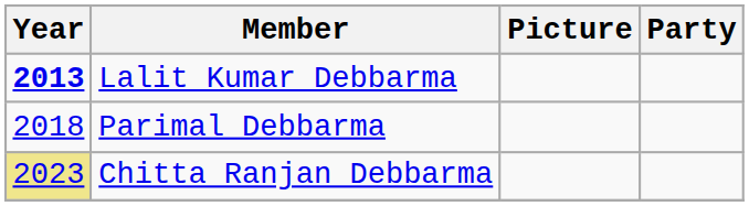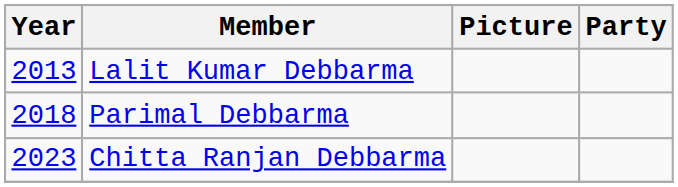 <table class="wikitable sortable">
 <tr>
 <th>Year</th>
 <th>Member</th>
 <th>Picture</th>
 <th colspan="2">Party</th>
 </tr>
 <tr>
-<td><strong><a href='#'>2013</a></strong></td>
+<td><a href='#'>2013</a></td>
 <td><a href='#'>Lalit Kumar Debbarma</a></td>
 <td></td>
 <td></td>
 </tr>
 <tr>
 <td><a href='#'>2018</a></td>
 <td><a href='#'>Parimal Debbarma</a></td>
 <td></td>
 <td></td>
 </tr>
 <tr>
-<td style="background: khaki;"><a href='#'>2023</a></td>
+<td><a href='#'>2023</a></td>
 <td><a href='#'>Chitta Ranjan Debbarma</a></td>
 <td></td>
 <td></td>
 </tr>
 <tr>
 </tr>
 </table>
